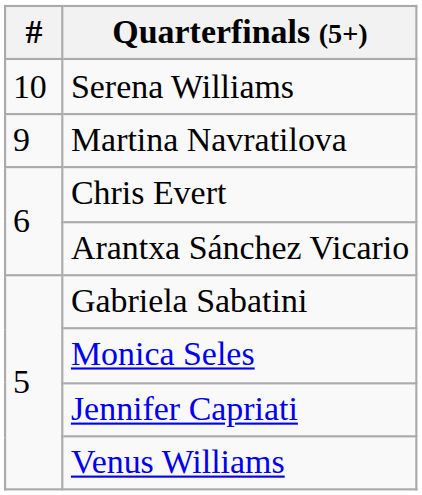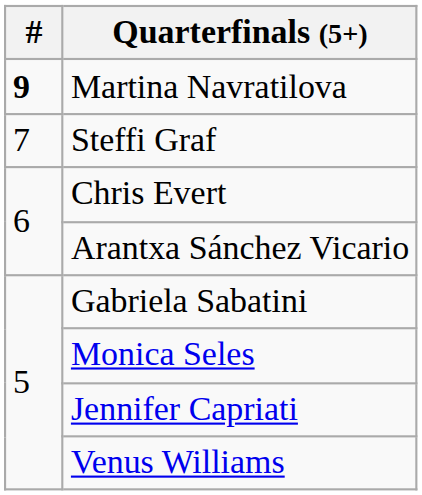 <table class="wikitable" style="display:inline-table;">
 <tr>
 <th width=20>#</th>
 <th>Quarterfinals <small>(5+)</small></th>
 </tr>
 <tr>
-<td>10</td>
-<td> Serena Williams</td>
+<td><strong>9</strong></td>
+<td> Martina Navratilova</td>
 </tr>
 <tr>
-<td>9</td>
-<td> Martina Navratilova</td>
+<td>7</td>
+<td> Steffi Graf</td>
 </tr>
 <tr>
 <td rowspan = 2>6</td>
 <td> Chris Evert</td>
 </tr>
 <tr>
 <td> Arantxa Sánchez Vicario</td>
 </tr>
 <tr>
 <td rowspan=4>5</td>
 <td> Gabriela Sabatini</td>
 </tr>
 <tr>
 <td> <a href='#'>Monica Seles</a></td>
 </tr>
 <tr>
 <td> <a href='#'>Jennifer Capriati</a></td>
 </tr>
 <tr>
 <td> <a href='#'>Venus Williams</a></td>
 </tr>
 </table>
